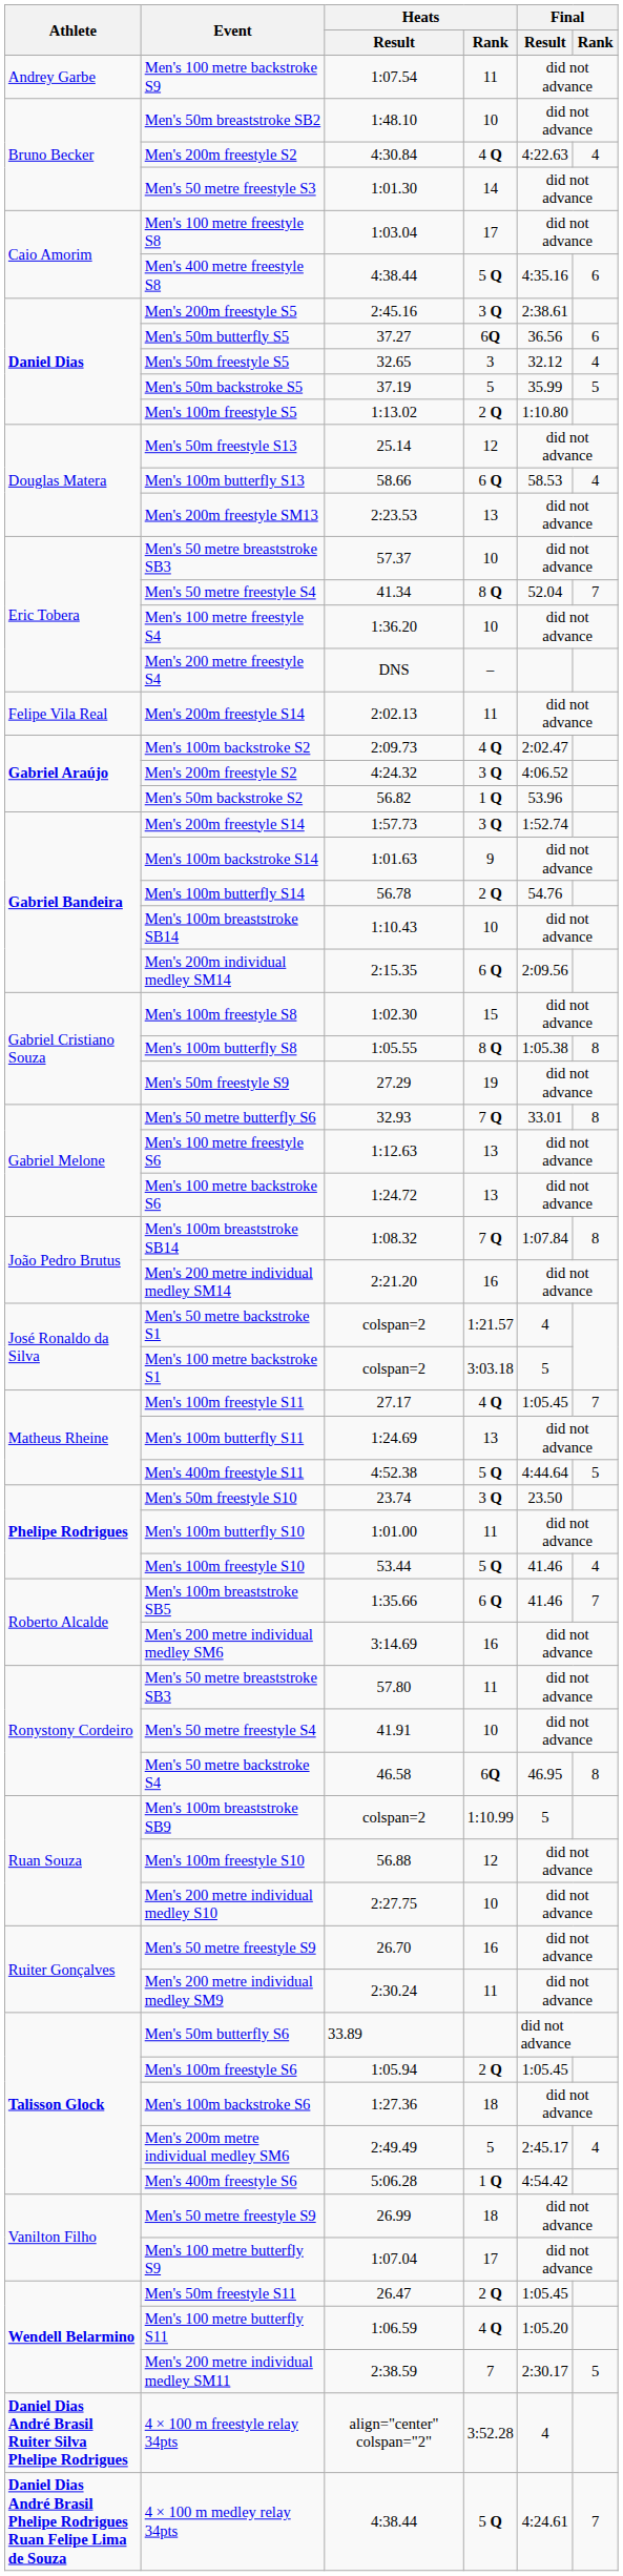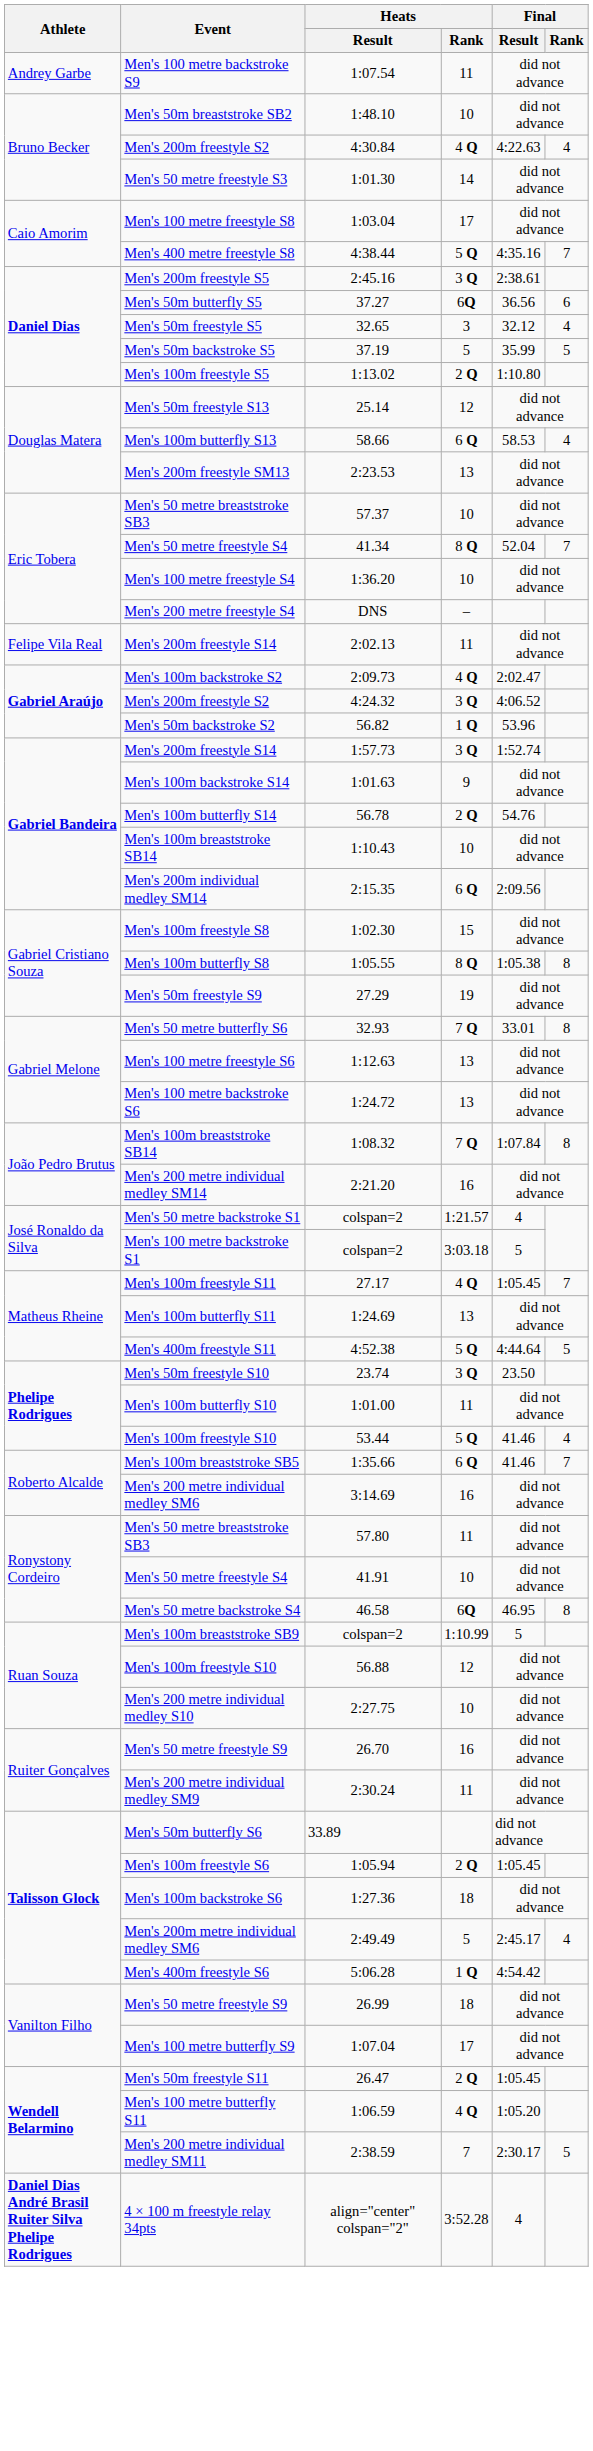 <table class=wikitable style="font-size:95%">
 <tr>
 <th rowspan="2">Athlete</th>
 <th rowspan="2">Event</th>
 <th colspan="2">Heats</th>
 <th colspan="2">Final</th>
 </tr>
 <tr>
 <th>Result</th>
 <th>Rank</th>
 <th>Result</th>
 <th>Rank</th>
 </tr>
 <tr align=center>
 <td align=left><a href='#'>Andrey Garbe</a></td>
 <td align=left><a href='#'>Men's 100 metre backstroke S9</a></td>
 <td>1:07.54</td>
 <td>11</td>
 <td colspan=2>did not advance</td>
 </tr>
 <tr align=center>
 <td rowspan=3 align=left><a href='#'>Bruno Becker</a></td>
 <td align=left><a href='#'>Men's 50m breaststroke SB2</a></td>
 <td>1:48.10</td>
 <td>10</td>
 <td colspan=2>did not advance</td>
 </tr>
 <tr align=center>
 <td align=left><a href='#'>Men's 200m freestyle S2</a></td>
 <td>4:30.84</td>
 <td>4 <strong>Q</strong></td>
 <td>4:22.63</td>
 <td>4</td>
 </tr>
 <tr align=center>
 <td align=left><a href='#'>Men's 50 metre freestyle S3</a></td>
 <td>1:01.30</td>
 <td>14</td>
 <td colspan=2>did not advance</td>
 </tr>
 <tr align=center>
 <td rowspan=2 align=left><a href='#'>Caio Amorim</a></td>
 <td align=left><a href='#'>Men's 100 metre freestyle S8</a></td>
 <td>1:03.04</td>
 <td>17</td>
 <td colspan=2>did not advance</td>
 </tr>
 <tr align=center>
 <td align=left><a href='#'>Men's 400 metre freestyle S8</a></td>
 <td>4:38.44</td>
 <td>5 <strong>Q</strong></td>
 <td>4:35.16</td>
-<td>6</td>
+<td>7</td>
 </tr>
 <tr align=center>
 <td rowspan=5 align=left><strong><a href='#'>Daniel Dias</a></strong></td>
 <td align=left><a href='#'>Men's 200m freestyle S5</a></td>
 <td>2:45.16</td>
 <td>3 <strong>Q</strong></td>
 <td>2:38.61</td>
 <td></td>
 </tr>
 <tr align=center>
 <td align=left><a href='#'>Men's 50m butterfly S5</a></td>
 <td>37.27</td>
 <td>6<strong>Q</strong></td>
 <td>36.56</td>
 <td>6</td>
 </tr>
 <tr align=center>
 <td align=left><a href='#'>Men's 50m freestyle S5</a></td>
 <td>32.65</td>
 <td>3</td>
 <td>32.12</td>
 <td>4</td>
 </tr>
 <tr align=center>
 <td align=left><a href='#'>Men's 50m backstroke S5</a></td>
 <td>37.19</td>
 <td>5</td>
 <td>35.99</td>
 <td>5</td>
 </tr>
 <tr align=center>
 <td align=left><a href='#'>Men's 100m freestyle S5</a></td>
 <td>1:13.02</td>
 <td>2 <strong>Q</strong></td>
 <td>1:10.80</td>
 <td></td>
 </tr>
 <tr align=center>
 <td rowspan=3 align=left><a href='#'>Douglas Matera</a></td>
 <td align=left><a href='#'>Men's 50m freestyle S13</a></td>
 <td>25.14</td>
 <td>12</td>
 <td colspan=2>did not advance</td>
 </tr>
 <tr align=center>
 <td align=left><a href='#'>Men's 100m butterfly S13</a></td>
 <td>58.66</td>
 <td>6 <strong>Q</strong></td>
 <td>58.53</td>
 <td>4</td>
 </tr>
 <tr align=center>
 <td align=left><a href='#'> Men's 200m freestyle SM13</a></td>
 <td>2:23.53</td>
 <td>13</td>
 <td colspan=2>did not advance</td>
 </tr>
 <tr align=center>
 <td rowspan=4 align=left><a href='#'>Eric Tobera</a></td>
 <td align=left><a href='#'>Men's 50 metre breaststroke SB3</a></td>
 <td>57.37</td>
 <td>10</td>
 <td colspan=2>did not advance</td>
 </tr>
 <tr align=center>
 <td align=left><a href='#'>Men's 50 metre freestyle S4</a></td>
 <td>41.34</td>
 <td>8 <strong>Q</strong></td>
 <td>52.04</td>
 <td>7</td>
 </tr>
 <tr align=center>
 <td align=left><a href='#'>Men's 100 metre freestyle S4</a></td>
 <td>1:36.20</td>
 <td>10</td>
 <td colspan=2>did not advance</td>
 </tr>
 <tr align=center>
 <td align=left><a href='#'>Men's 200 metre freestyle S4</a></td>
 <td>DNS</td>
 <td>–</td>
 <td></td>
 <td></td>
 </tr>
 <tr align=center>
 <td align=left><a href='#'>Felipe Vila Real</a></td>
 <td align=left><a href='#'>Men's 200m freestyle S14</a></td>
 <td>2:02.13</td>
 <td>11</td>
 <td colspan=2>did not advance</td>
 </tr>
 <tr align=center>
 <td rowspan=3 align=left><strong><a href='#'>Gabriel Araújo</a></strong></td>
 <td align=left><a href='#'>Men's 100m backstroke S2</a></td>
 <td>2:09.73</td>
 <td>4 <strong>Q</strong></td>
 <td>2:02.47</td>
 <td></td>
 </tr>
 <tr align=center>
 <td align=left><a href='#'>Men's 200m freestyle S2</a></td>
 <td>4:24.32</td>
 <td>3 <strong>Q</strong></td>
 <td>4:06.52</td>
 <td></td>
 </tr>
 <tr align=center>
 <td align=left><a href='#'>Men's 50m backstroke S2</a></td>
 <td>56.82</td>
 <td>1 <strong>Q</strong></td>
 <td>53.96</td>
 <td></td>
 </tr>
 <tr align=center>
 <td rowspan=5 align=left><strong><a href='#'>Gabriel Bandeira</a></strong></td>
 <td align=left><a href='#'>Men's 200m freestyle S14</a></td>
 <td>1:57.73</td>
 <td>3 <strong>Q</strong></td>
 <td>1:52.74</td>
 <td></td>
 </tr>
 <tr align=center>
 <td align=left><a href='#'>Men's 100m backstroke S14</a></td>
 <td>1:01.63</td>
 <td>9</td>
 <td colspan=2>did not advance</td>
 </tr>
 <tr align=center>
 <td align=left><a href='#'>Men's 100m butterfly S14</a></td>
 <td>56.78</td>
 <td>2 <strong>Q</strong></td>
 <td>54.76</td>
 <td></td>
 </tr>
 <tr align=center>
 <td align=left><a href='#'>Men's 100m breaststroke SB14</a></td>
 <td>1:10.43</td>
 <td>10</td>
 <td colspan=2>did not advance</td>
 </tr>
 <tr align=center>
 <td align=left><a href='#'>Men's 200m individual medley SM14</a></td>
 <td>2:15.35</td>
 <td>6 <strong>Q</strong></td>
 <td>2:09.56</td>
 <td></td>
 </tr>
 <tr align=center>
 <td rowspan=3 align=left><a href='#'>Gabriel Cristiano Souza</a></td>
 <td align=left><a href='#'>Men's 100m freestyle S8</a></td>
 <td>1:02.30</td>
 <td>15</td>
 <td colspan=2>did not advance</td>
 </tr>
 <tr align=center>
 <td align=left><a href='#'>Men's 100m butterfly S8</a></td>
 <td>1:05.55</td>
 <td>8 <strong>Q</strong></td>
 <td>1:05.38</td>
 <td>8</td>
 </tr>
 <tr align=center>
 <td align=left><a href='#'>Men's 50m freestyle S9</a></td>
 <td>27.29</td>
 <td>19</td>
 <td colspan=2>did not advance</td>
 </tr>
 <tr align=center>
 <td rowspan=3 align=left><a href='#'>Gabriel Melone</a></td>
 <td align=left><a href='#'>Men's 50 metre butterfly S6</a></td>
 <td>32.93</td>
 <td>7 <strong>Q</strong></td>
 <td>33.01</td>
 <td>8</td>
 </tr>
 <tr align=center>
 <td align=left><a href='#'>Men's 100 metre freestyle S6</a></td>
 <td>1:12.63</td>
 <td>13</td>
 <td colspan=2>did not advance</td>
 </tr>
 <tr align=center>
 <td align=left><a href='#'>Men's 100 metre backstroke S6</a></td>
 <td>1:24.72</td>
 <td>13</td>
 <td colspan=2>did not advance</td>
 </tr>
 <tr align=center>
 <td rowspan=2 align=left><a href='#'>João Pedro Brutus</a></td>
 <td align=left><a href='#'>Men's 100m breaststroke SB14</a></td>
 <td>1:08.32</td>
 <td>7 <strong>Q</strong></td>
 <td>1:07.84</td>
 <td>8</td>
 </tr>
 <tr align=center>
 <td align=left><a href='#'>Men's 200 metre individual medley SM14</a></td>
 <td>2:21.20</td>
 <td>16</td>
 <td colspan=2>did not advance</td>
 </tr>
 <tr align=center>
 <td rowspan=2 align=left><a href='#'>José Ronaldo da Silva</a></td>
 <td align=left><a href='#'>Men's 50 metre backstroke S1</a></td>
 <td>colspan=2 </td>
 <td>1:21.57</td>
 <td>4</td>
 </tr>
 <tr align=center>
 <td align=left><a href='#'>Men's 100 metre backstroke S1</a></td>
 <td>colspan=2 </td>
 <td>3:03.18</td>
 <td>5</td>
 </tr>
 <tr align=center>
 <td rowspan=3 align=left><a href='#'>Matheus Rheine</a></td>
 <td align=left><a href='#'>Men's 100m freestyle S11</a></td>
 <td>27.17</td>
 <td>4 <strong>Q</strong></td>
 <td>1:05.45</td>
 <td>7</td>
 </tr>
 <tr align=center>
 <td align=left><a href='#'>Men's 100m butterfly S11</a></td>
 <td>1:24.69</td>
 <td>13</td>
 <td colspan=2>did not advance</td>
 </tr>
 <tr align=center>
 <td align=left><a href='#'>Men's 400m freestyle S11</a></td>
 <td>4:52.38</td>
 <td>5 <strong>Q</strong></td>
 <td>4:44.64</td>
 <td>5</td>
 </tr>
 <tr align=center>
 <td rowspan=3 align=left><strong><a href='#'>Phelipe Rodrigues</a></strong></td>
 <td align=left><a href='#'>Men's 50m freestyle S10</a></td>
 <td>23.74</td>
 <td>3 <strong>Q</strong></td>
 <td>23.50</td>
 <td></td>
 </tr>
 <tr align=center>
 <td align=left><a href='#'>Men's 100m butterfly S10</a></td>
 <td>1:01.00</td>
 <td>11</td>
 <td colspan=2>did not advance</td>
 </tr>
 <tr align=center>
 <td align=left><a href='#'> Men's 100m freestyle S10</a></td>
 <td>53.44</td>
 <td>5 <strong>Q</strong></td>
 <td>41.46</td>
 <td>4</td>
 </tr>
 <tr align=center>
 <td rowspan=2 align=left><a href='#'>Roberto Alcalde</a></td>
 <td align=left><a href='#'>Men's 100m breaststroke SB5</a></td>
 <td>1:35.66</td>
 <td>6 <strong>Q</strong></td>
 <td>41.46</td>
 <td>7</td>
 </tr>
 <tr align=center>
 <td align=left><a href='#'>Men's 200 metre individual medley SM6</a></td>
 <td>3:14.69</td>
 <td>16</td>
 <td colspan=2>did not advance</td>
 </tr>
 <tr align=center>
 <td rowspan=3 align=left><a href='#'>Ronystony Cordeiro</a></td>
 <td align=left><a href='#'>Men's 50 metre breaststroke SB3</a></td>
 <td>57.80</td>
 <td>11</td>
 <td colspan=2>did not advance</td>
 </tr>
 <tr align=center>
 <td align=left><a href='#'>Men's 50 metre freestyle S4</a></td>
 <td>41.91</td>
 <td>10</td>
 <td colspan=2>did not advance</td>
 </tr>
 <tr align=center>
 <td align=left><a href='#'>Men's 50 metre backstroke S4</a></td>
 <td>46.58</td>
 <td>6<strong>Q</strong></td>
 <td>46.95</td>
 <td>8</td>
 </tr>
 <tr align=center>
 <td rowspan=3 align=left><a href='#'>Ruan Souza</a></td>
 <td align=left><a href='#'>Men's 100m breaststroke SB9</a></td>
 <td>colspan=2 </td>
 <td>1:10.99</td>
 <td>5</td>
 </tr>
 <tr align=center>
 <td align=left><a href='#'>Men's 100m freestyle S10</a></td>
 <td>56.88</td>
 <td>12</td>
 <td colspan=2>did not advance</td>
 </tr>
 <tr align=center>
 <td align=left><a href='#'>Men's 200 metre individual medley S10</a></td>
 <td>2:27.75</td>
 <td>10</td>
 <td colspan=2>did not advance</td>
 </tr>
 <tr align=center>
 <td rowspan=2 align=left><a href='#'>Ruiter Gonçalves</a></td>
 <td align=left><a href='#'>Men's 50 metre freestyle S9</a></td>
 <td>26.70</td>
 <td>16</td>
 <td colspan=2>did not advance</td>
 </tr>
 <tr align=center>
 <td align=left><a href='#'>Men's 200 metre individual medley SM9</a></td>
 <td>2:30.24</td>
 <td>11</td>
 <td colspan=2>did not advance</td>
 </tr>
 <tr>
 <td rowspan=5 align=left><strong><a href='#'>Talisson Glock</a></strong></td>
 <td align=left><a href='#'>Men's 50m butterfly S6</a></td>
 <td>33.89</td>
 <td></td>
 <td colspan=2>did not advance</td>
 </tr>
 <tr align=center>
 <td align=left><a href='#'>Men's 100m freestyle S6</a></td>
 <td>1:05.94</td>
 <td>2 <strong>Q</strong></td>
 <td>1:05.45</td>
 <td></td>
 </tr>
 <tr align=center>
 <td align=left><a href='#'>Men's 100m backstroke S6</a></td>
 <td>1:27.36</td>
 <td>18</td>
 <td colspan=2>did not advance</td>
 </tr>
 <tr align=center>
 <td align=left><a href='#'>Men's 200m metre individual medley SM6</a></td>
 <td>2:49.49</td>
 <td>5</td>
 <td>2:45.17</td>
 <td>4</td>
 </tr>
 <tr align=center>
 <td align=left><a href='#'>Men's 400m freestyle S6</a></td>
 <td>5:06.28</td>
 <td>1 <strong>Q</strong></td>
 <td>4:54.42</td>
 <td></td>
 </tr>
 <tr align=center>
 <td rowspan=2 align=left><a href='#'>Vanilton Filho</a></td>
 <td align=left><a href='#'>Men's 50 metre freestyle S9</a></td>
 <td>26.99</td>
 <td>18</td>
 <td colspan=2>did not advance</td>
 </tr>
 <tr align=center>
 <td align=left><a href='#'>Men's 100 metre butterfly S9</a></td>
 <td>1:07.04</td>
 <td>17</td>
 <td colspan=2>did not advance</td>
 </tr>
 <tr align=center>
 <td rowspan=3 align=left><strong><a href='#'>Wendell Belarmino</a></strong></td>
 <td align=left><a href='#'>Men's 50m freestyle S11</a></td>
 <td>26.47</td>
 <td>2 <strong>Q</strong></td>
 <td>1:05.45</td>
 <td></td>
 </tr>
 <tr align=center>
 <td align=left><a href='#'>Men's 100 metre butterfly S11</a></td>
 <td>1:06.59</td>
 <td>4 <strong>Q</strong></td>
 <td>1:05.20</td>
 <td></td>
 </tr>
 <tr align=center>
 <td align=left><a href='#'>Men's 200 metre individual medley SM11</a></td>
 <td>2:38.59</td>
 <td>7</td>
 <td>2:30.17</td>
 <td>5</td>
 </tr>
 <tr align=center>
 <td align=left><strong><a href='#'>Daniel Dias</a><br><a href='#'>André Brasil</a><br><a href='#'>Ruiter Silva</a><br><a href='#'>Phelipe Rodrigues</a></strong></td>
 <td align=left><a href='#'>4 × 100 m freestyle relay 34pts</a></td>
 <td>align="center" colspan="2" </td>
 <td style="text-align:center;">3:52.28</td>
 <td style="text-align:center;">4</td>
 </tr>
-<tr align=center>
-<td align=left><strong><a href='#'>Daniel Dias</a><br><a href='#'>André Brasil</a><br><a href='#'>Phelipe Rodrigues</a><br><a href='#'>Ruan Felipe Lima de Souza</a></strong></td>
-<td align=left><a href='#'>4 × 100 m medley relay 34pts</a></td>
-<td style="text-align:center;">4:38.44</td>
-<td style="text-align:center;">5 <strong>Q</strong></td>
-<td style="text-align:center;">4:24.61</td>
-<td style="text-align:center;">7</td>
-</tr>
 </table>
